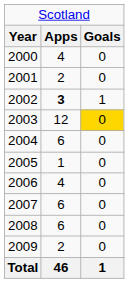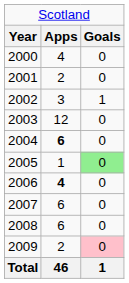 <table class="wikitable" style="text-align:center">
 <tr>
 <td colspan=3><a href='#'>Scotland</a></td>
 </tr>
 <tr>
 <th>Year</th>
 <th>Apps</th>
 <th>Goals</th>
 </tr>
 <tr>
 <td>2000</td>
 <td>4</td>
 <td>0</td>
 </tr>
 <tr>
 <td>2001</td>
 <td>2</td>
 <td>0</td>
 </tr>
 <tr>
 <td>2002</td>
-<td><strong>3</strong></td>
+<td>3</td>
 <td>1</td>
 </tr>
 <tr>
 <td>2003</td>
 <td>12</td>
-<td style="background: gold;">0</td>
+<td>0</td>
 </tr>
 <tr>
 <td>2004</td>
-<td>6</td>
+<td><strong>6</strong></td>
 <td>0</td>
 </tr>
 <tr>
 <td>2005</td>
 <td>1</td>
-<td>0</td>
+<td style="background: lightgreen;">0</td>
 </tr>
 <tr>
 <td>2006</td>
-<td>4</td>
+<td><strong>4</strong></td>
 <td>0</td>
 </tr>
 <tr>
 <td>2007</td>
 <td>6</td>
 <td>0</td>
 </tr>
 <tr>
 <td>2008</td>
 <td>6</td>
 <td>0</td>
 </tr>
 <tr>
 <td>2009</td>
 <td>2</td>
-<td>0</td>
+<td style="background: pink;">0</td>
 </tr>
 <tr>
 <th>Total</th>
 <th>46</th>
 <th>1</th>
 </tr>
 </table>
